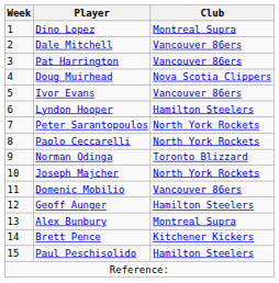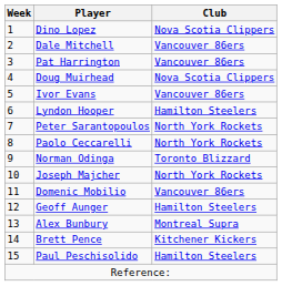 <table class="wikitable">
 <tr>
 <th>Week</th>
 <th>Player</th>
 <th>Club</th>
 </tr>
 <tr>
 <td>1</td>
 <td> <a href='#'>Dino Lopez</a></td>
-<td><a href='#'>Montreal Supra</a></td>
+<td><a href='#'>Nova Scotia Clippers</a></td>
 </tr>
 <tr>
 <td>2</td>
 <td> <a href='#'>Dale Mitchell</a></td>
 <td><a href='#'>Vancouver 86ers</a></td>
 </tr>
 <tr>
 <td>3</td>
 <td> <a href='#'>Pat Harrington</a></td>
 <td><a href='#'>Vancouver 86ers</a></td>
 </tr>
 <tr>
 <td>4</td>
 <td> <a href='#'>Doug Muirhead</a></td>
 <td><a href='#'>Nova Scotia Clippers</a></td>
 </tr>
 <tr>
 <td>5</td>
 <td> <a href='#'>Ivor Evans</a></td>
 <td><a href='#'>Vancouver 86ers</a></td>
 </tr>
 <tr>
 <td>6</td>
 <td> <a href='#'>Lyndon Hooper</a></td>
 <td><a href='#'>Hamilton Steelers</a></td>
 </tr>
 <tr>
 <td>7</td>
 <td> <a href='#'>Peter Sarantopoulos</a></td>
 <td><a href='#'>North York Rockets</a></td>
 </tr>
 <tr>
 <td>8</td>
 <td> <a href='#'>Paolo Ceccarelli</a></td>
 <td><a href='#'>North York Rockets</a></td>
 </tr>
 <tr>
 <td>9</td>
 <td> <a href='#'>Norman Odinga</a></td>
 <td><a href='#'>Toronto Blizzard</a></td>
 </tr>
 <tr>
 <td>10</td>
 <td> <a href='#'>Joseph Majcher</a></td>
 <td><a href='#'>North York Rockets</a></td>
 </tr>
 <tr>
 <td>11</td>
 <td> <a href='#'>Domenic Mobilio</a></td>
 <td><a href='#'>Vancouver 86ers</a></td>
 </tr>
 <tr>
 <td>12</td>
 <td> <a href='#'>Geoff Aunger</a></td>
 <td><a href='#'>Hamilton Steelers</a></td>
 </tr>
 <tr>
 <td>13</td>
 <td> <a href='#'>Alex Bunbury</a></td>
 <td><a href='#'>Montreal Supra</a></td>
 </tr>
 <tr>
 <td>14</td>
 <td> <a href='#'>Brett Pence</a></td>
 <td><a href='#'>Kitchener Kickers</a></td>
 </tr>
 <tr>
 <td>15</td>
 <td> <a href='#'>Paul Peschisolido</a></td>
 <td><a href='#'>Hamilton Steelers</a></td>
 </tr>
 <tr>
 <td colspan=3 align="center">Reference:</td>
 </tr>
 </table>
